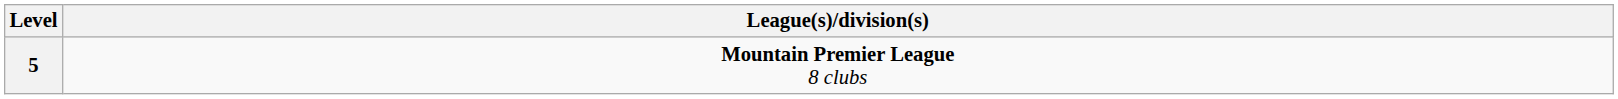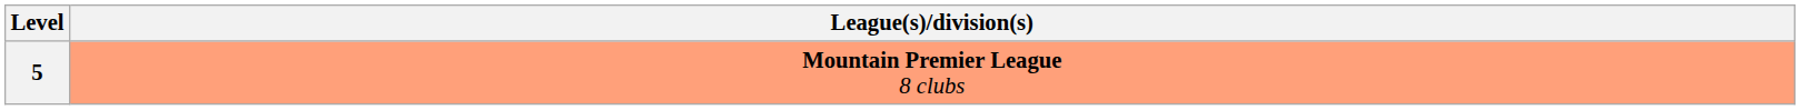 <table class="wikitable" style="border: none; text-align: center;">
 <tr>
 <th width=2%>Level</th>
 <th colspan="2">League(s)/division(s)</th>
 </tr>
 <tr>
 <th>5</th>
-<td><strong>Mountain Premier League</strong><br><em>8 clubs</em></td>
+<td style="background: lightsalmon;"><strong>Mountain Premier League</strong><br><em>8 clubs</em></td>
 </tr>
 </table>
